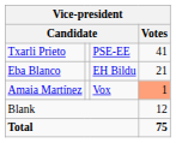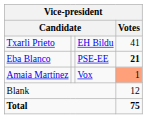 <table class="wikitable" style="font-size:90%; text-align:right;">
 <tr>
 <th colspan="4">Vice-president</th>
 </tr>
 <tr>
 <th colspan="3">Candidate</th>
 <th>Votes</th>
 </tr>
 <tr>
 <td align=left><a href='#'>Txarli Prieto</a></td>
 <td style="background:"></td>
-<td align=left><a href='#'>PSE-EE</a></td>
+<td align=left><a href='#'>EH Bildu</a></td>
 <td>41</td>
 </tr>
 <tr>
 <td align=left><a href='#'>Eba Blanco</a></td>
 <td style="background:"></td>
-<td align=left><a href='#'>EH Bildu</a></td>
-<td>21</td>
+<td align=left><a href='#'>PSE-EE</a></td>
+<td><strong>21</strong></td>
 </tr>
 <tr>
 <td align=left><a href='#'>Amaia Martínez</a></td>
 <td style="background:"></td>
 <td align=left><a href='#'>Vox</a></td>
 <td style="background: lightsalmon;">1</td>
 </tr>
 <tr>
 <td align=left colspan="3">Blank</td>
 <td>12</td>
 </tr>
 <tr style="font-weight:bold">
 <td align=left colspan="3">Total</td>
 <td>75</td>
 </tr>
 </table>
